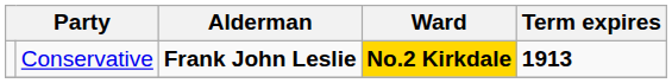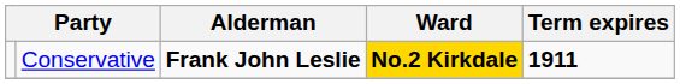 <table class="wikitable">
 <tr>
 <th colspan="2">Party</th>
 <th>Alderman</th>
 <th>Ward</th>
 <th>Term expires</th>
 </tr>
 <tr>
 <td style="background-color:"></td>
 <td><a href='#'>Conservative</a></td>
 <td><strong>Frank John Leslie</strong></td>
 <td style="background: gold;"><strong>No.2 Kirkdale</strong></td>
-<td><strong>1913</strong></td>
+<td><strong>1911</strong></td>
 </tr>
 <tr>
 </tr>
 </table>
